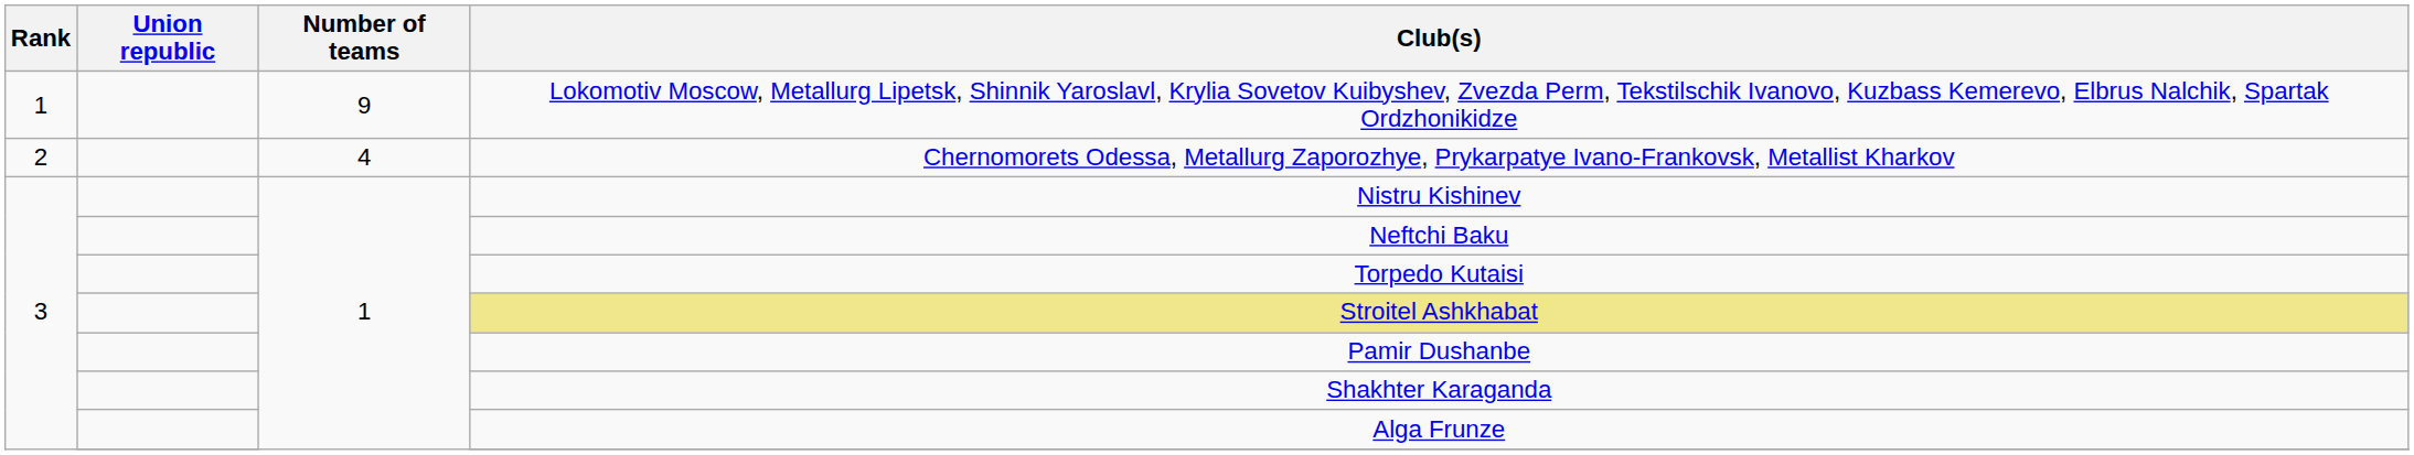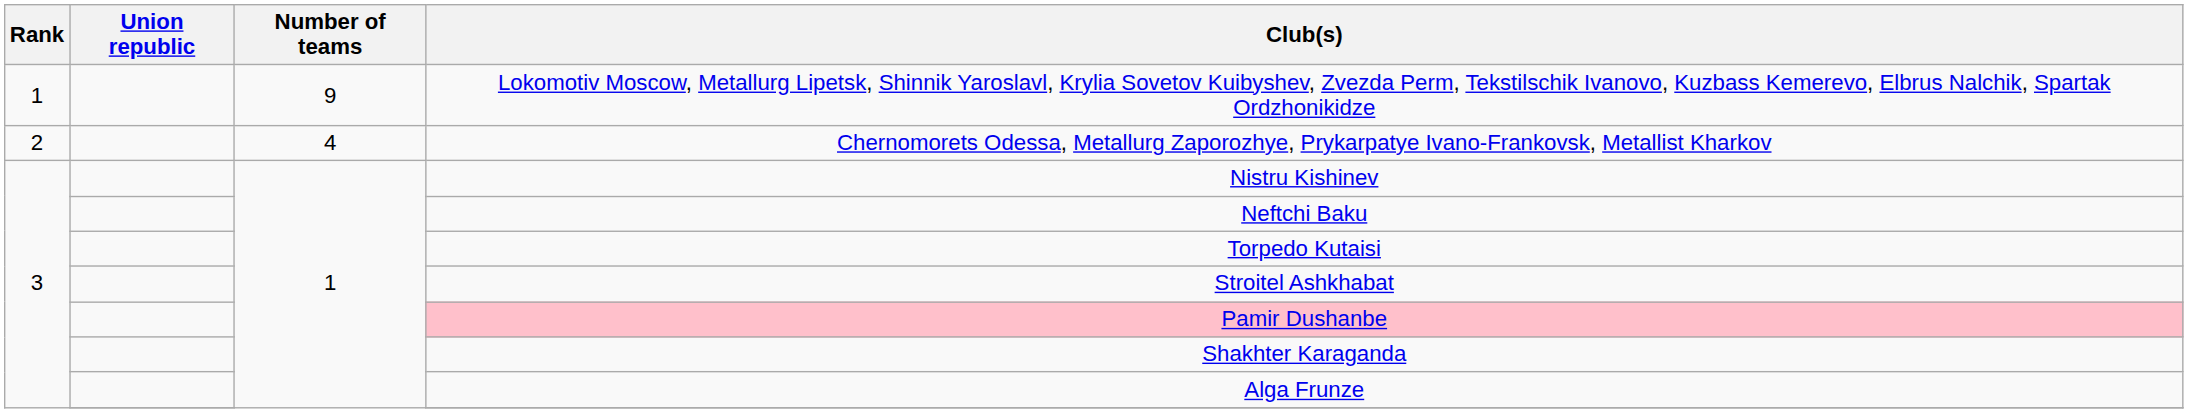 <table class="wikitable">
 <tr>
 <th>Rank</th>
 <th><a href='#'>Union republic</a></th>
 <th>Number of teams</th>
 <th>Club(s)</th>
 </tr>
 <tr>
 <td align="center">1</td>
 <td></td>
 <td align="center">9</td>
 <td align="center"><a href='#'>Lokomotiv Moscow</a>, <a href='#'>Metallurg Lipetsk</a>, <a href='#'>Shinnik Yaroslavl</a>, <a href='#'>Krylia Sovetov Kuibyshev</a>, <a href='#'>Zvezda Perm</a>, <a href='#'>Tekstilschik Ivanovo</a>, <a href='#'>Kuzbass Kemerevo</a>, <a href='#'>Elbrus Nalchik</a>, <a href='#'>Spartak Ordzhonikidze</a></td>
 </tr>
 <tr>
 <td align="center">2</td>
 <td></td>
 <td align="center">4</td>
 <td align="center"><a href='#'>Chernomorets Odessa</a>, <a href='#'>Metallurg Zaporozhye</a>, <a href='#'>Prykarpatye Ivano-Frankovsk</a>, <a href='#'>Metallist Kharkov</a></td>
 </tr>
 <tr>
 <td align="center" rowspan=10>3</td>
 <td></td>
 <td align="center" rowspan=10>1</td>
 <td align="center"><a href='#'>Nistru Kishinev</a></td>
 </tr>
 <tr>
 <td></td>
 <td align="center"><a href='#'>Neftchi Baku</a></td>
 </tr>
 <tr>
 <td></td>
 <td align="center"><a href='#'>Torpedo Kutaisi</a></td>
 </tr>
 <tr>
 <td></td>
-<td align="center" style="background: khaki;"><a href='#'>Stroitel Ashkhabat</a></td>
+<td align="center"><a href='#'>Stroitel Ashkhabat</a></td>
 </tr>
 <tr>
 <td></td>
-<td align="center"><a href='#'>Pamir Dushanbe</a></td>
+<td align="center" style="background: pink;"><a href='#'>Pamir Dushanbe</a></td>
 </tr>
 <tr>
 <td></td>
 <td align="center"><a href='#'>Shakhter Karaganda</a></td>
 </tr>
 <tr>
 <td></td>
 <td align="center"><a href='#'>Alga Frunze</a></td>
 </tr>
 <tr>
 </tr>
 </table>
